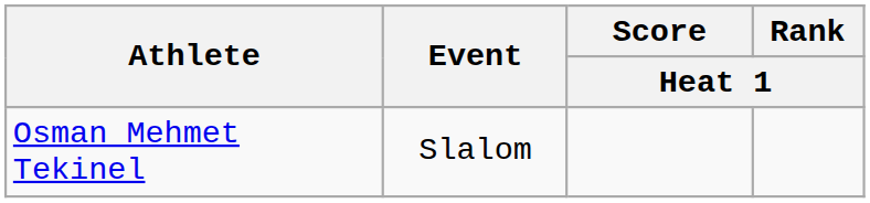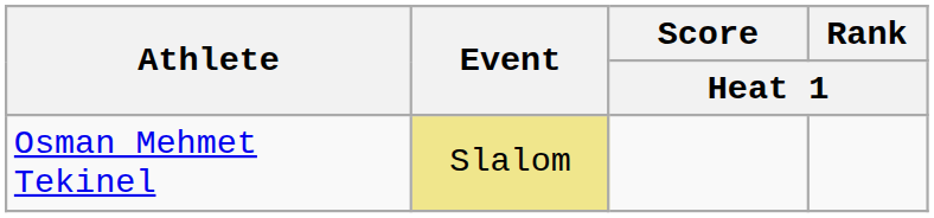 <table class=wikitable style="text-align:center">
 <tr>
 <th width=150 rowspan=2>Athlete</th>
 <th width=70 rowspan=2>Event</th>
 <th width=70>Score</th>
 <th width=40>Rank</th>
 </tr>
 <tr>
 <th width=110 colspan=2>Heat 1</th>
 </tr>
 <tr>
 <td align=left><a href='#'>Osman Mehmet Tekinel</a></td>
-<td>Slalom</td>
+<td style="background: khaki;">Slalom</td>
 <td></td>
 <td></td>
 </tr>
 </table>
